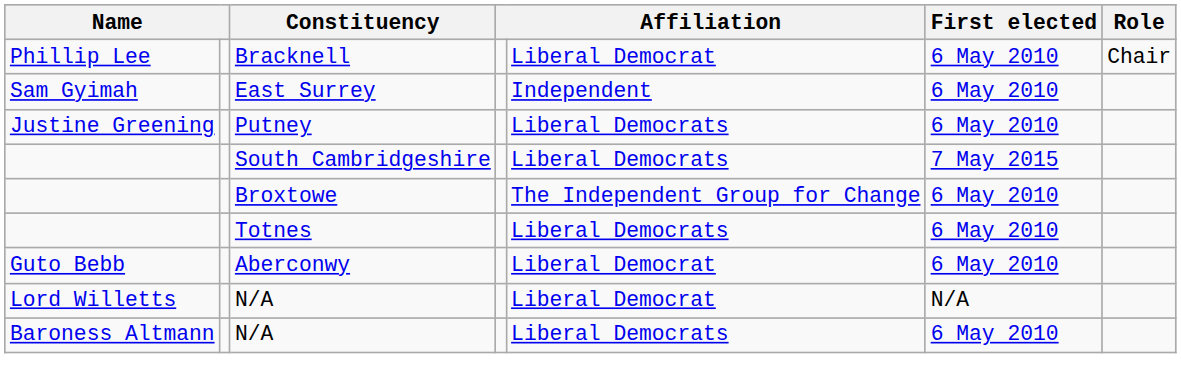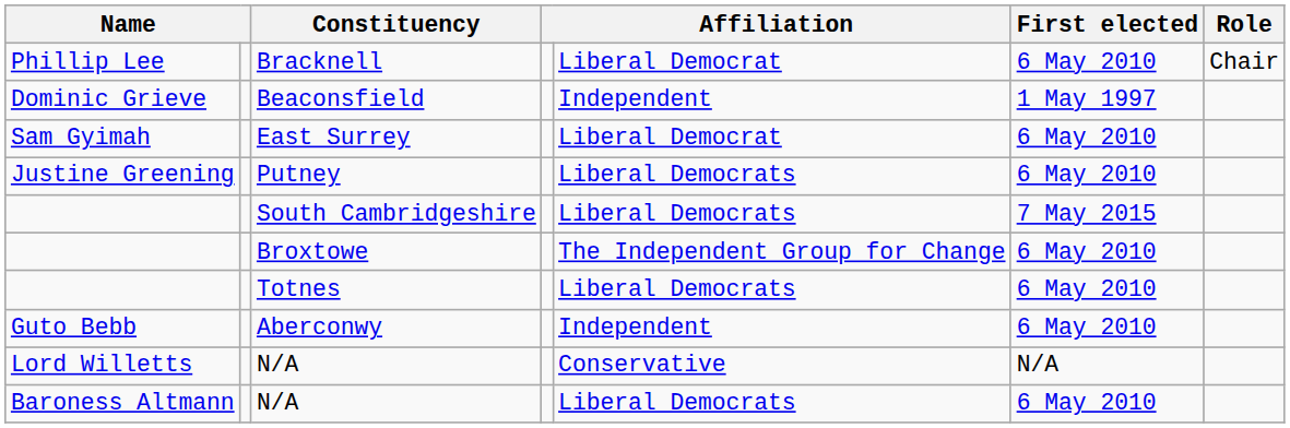 <table class="wikitable sortable">
 <tr>
 <th colspan=2>Name</th>
 <th>Constituency</th>
 <th colspan=2>Affiliation</th>
 <th>First elected</th>
 <th>Role</th>
 </tr>
 <tr>
 <td><a href='#'>Phillip Lee</a></td>
 <td></td>
 <td><a href='#'>Bracknell</a></td>
 <td style="background-color: "></td>
 <td><a href='#'>Liberal Democrat</a></td>
 <td><a href='#'>6 May 2010</a></td>
 <td>Chair</td>
 </tr>
 <tr>
+<td><a href='#'>Dominic Grieve</a></td>
+<td></td>
+<td><a href='#'>Beaconsfield</a></td>
+<td style="background-color: "></td>
+<td><a href='#'>Independent</a></td>
+<td><a href='#'>1 May 1997</a></td>
+<td></td>
+</tr>
+<tr>
 <td><a href='#'>Sam Gyimah</a></td>
 <td></td>
 <td><a href='#'>East Surrey</a></td>
 <td style="background-color: "></td>
-<td><a href='#'>Independent</a></td>
+<td><a href='#'>Liberal Democrat</a></td>
 <td><a href='#'>6 May 2010</a></td>
 <td></td>
 </tr>
 <tr>
 <td><a href='#'>Justine Greening</a></td>
 <td></td>
 <td><a href='#'>Putney</a></td>
 <td style="background-color: "></td>
 <td><a href='#'>Liberal Democrats</a></td>
 <td><a href='#'>6 May 2010</a></td>
 <td></td>
 </tr>
 <tr>
 <td></td>
 <td></td>
 <td><a href='#'>South Cambridgeshire</a></td>
 <td style="background-color: "></td>
 <td><a href='#'>Liberal Democrats</a></td>
 <td><a href='#'>7 May 2015</a></td>
 <td></td>
 </tr>
 <tr>
 <td></td>
 <td></td>
 <td><a href='#'>Broxtowe</a></td>
 <td style="background-color: "></td>
 <td><a href='#'>The Independent Group for Change</a></td>
 <td><a href='#'>6 May 2010</a></td>
 <td></td>
 </tr>
 <tr>
 <td></td>
 <td></td>
 <td><a href='#'>Totnes</a></td>
 <td style="background-color: "></td>
 <td><a href='#'>Liberal Democrats</a></td>
 <td><a href='#'>6 May 2010</a></td>
 <td></td>
 </tr>
 <tr>
 <td><a href='#'>Guto Bebb</a></td>
 <td></td>
 <td><a href='#'>Aberconwy</a></td>
 <td style="background-color: "></td>
-<td><a href='#'>Liberal Democrat</a></td>
+<td><a href='#'>Independent</a></td>
 <td><a href='#'>6 May 2010</a></td>
 <td></td>
 </tr>
 <tr>
 <td><a href='#'>Lord Willetts</a></td>
 <td></td>
 <td>N/A</td>
 <td style="background-color: "></td>
-<td><a href='#'>Liberal Democrat</a></td>
+<td><a href='#'>Conservative</a></td>
 <td>N/A</td>
 <td></td>
 </tr>
 <tr>
 <td><a href='#'>Baroness Altmann</a></td>
 <td></td>
 <td>N/A</td>
 <td style="background-color: "></td>
 <td><a href='#'>Liberal Democrats</a></td>
 <td><a href='#'>6 May 2010</a></td>
 <td></td>
 </tr>
 </table>
